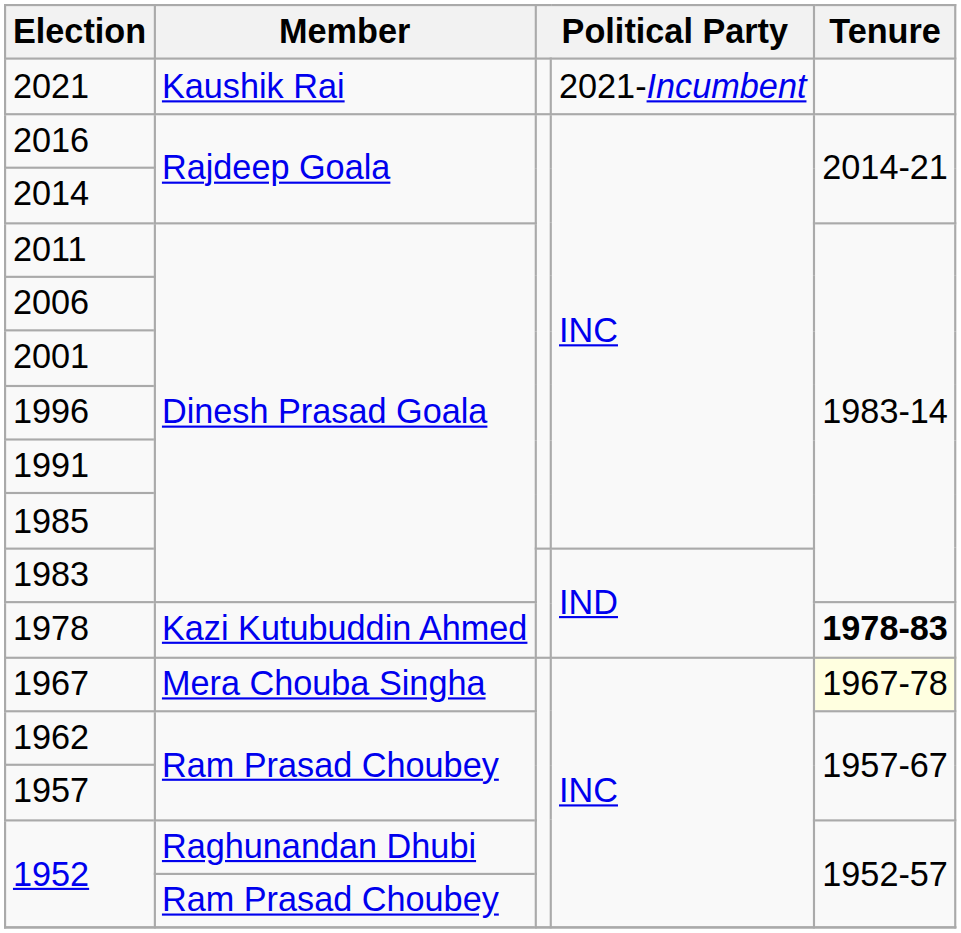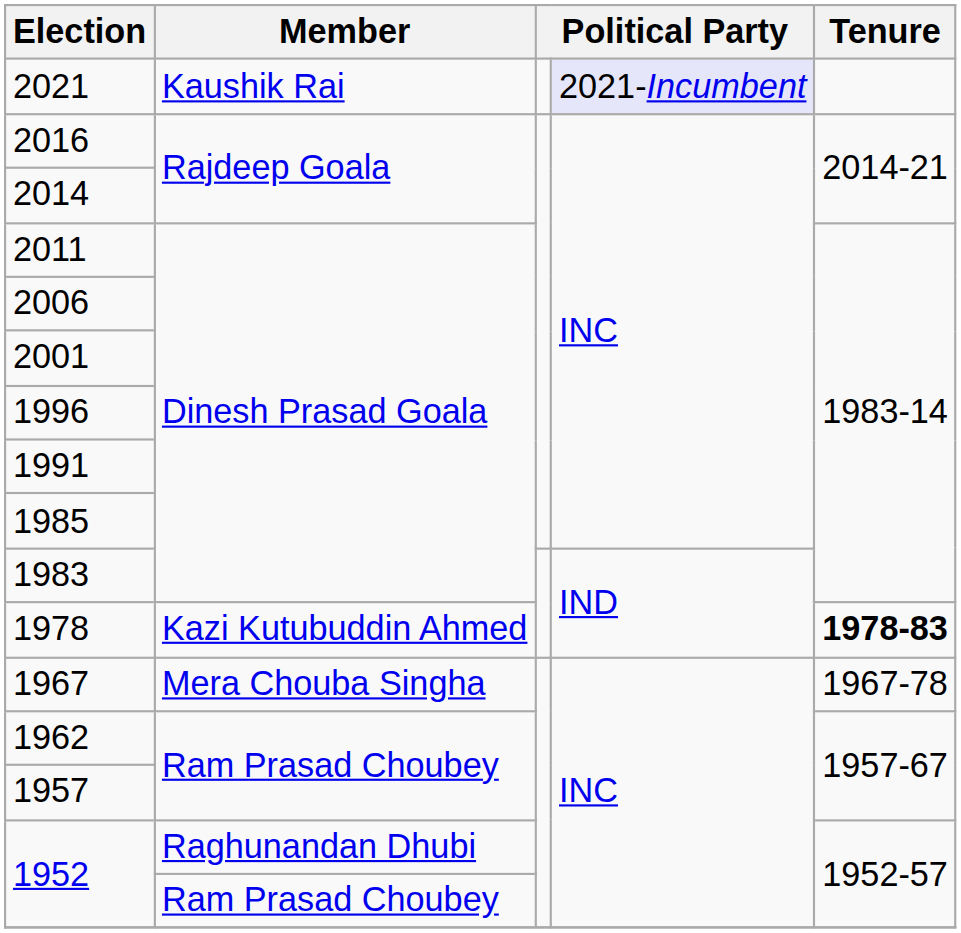 <table class="wikitable sortable">
 <tr>
 <th>Election</th>
 <th>Member</th>
 <th colspan="2">Political Party</th>
 <th>Tenure</th>
 </tr>
 <tr>
 <td>2021</td>
 <td><a href='#'>Kaushik Rai</a></td>
 <td></td>
-<td>2021-<em><a href='#'>Incumbent</a></em></td>
+<td style="background: lavender;">2021-<em><a href='#'>Incumbent</a></em></td>
 </tr>
 <tr>
 <td>2016</td>
 <td rowspan=2><a href='#'>Rajdeep Goala</a></td>
 <td rowspan=8 style="background-color:"></td>
 <td rowspan=8><a href='#'>INC</a></td>
 <td rowspan=2>2014-21</td>
 </tr>
 <tr>
 <td>2014</td>
 </tr>
 <tr>
 <td>2011</td>
 <td rowspan=7><a href='#'>Dinesh Prasad Goala</a></td>
 <td rowspan=7>1983-14</td>
 </tr>
 <tr>
 <td>2006</td>
 </tr>
 <tr>
 <td>2001</td>
 </tr>
 <tr>
 <td>1996</td>
 </tr>
 <tr>
 <td>1991</td>
 </tr>
 <tr>
 <td>1985</td>
 </tr>
 <tr>
 <td>1983</td>
 <td rowspan=2 style="background-color:"></td>
 <td rowspan=2><a href='#'>IND</a></td>
 </tr>
 <tr>
 <td>1978</td>
 <td><a href='#'>Kazi Kutubuddin Ahmed</a></td>
 <td><strong>1978-83</strong></td>
 </tr>
 <tr>
 <td>1967</td>
 <td><a href='#'>Mera Chouba Singha</a></td>
 <td rowspan=5 style="background-color:"></td>
 <td rowspan=5><a href='#'>INC</a></td>
-<td style="background: lightyellow;">1967-78</td>
+<td>1967-78</td>
 </tr>
 <tr>
 <td>1962</td>
 <td rowspan=2><a href='#'>Ram Prasad Choubey</a></td>
 <td rowspan=2>1957-67</td>
 </tr>
 <tr>
 <td>1957</td>
 </tr>
 <tr>
 <td rowspan=2><a href='#'>1952</a></td>
 <td><a href='#'>Raghunandan Dhubi</a></td>
 <td rowspan=2>1952-57</td>
 </tr>
 <tr>
 <td><a href='#'>Ram Prasad Choubey</a></td>
 </tr>
 <tr>
 </tr>
 </table>
